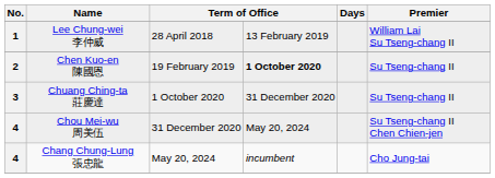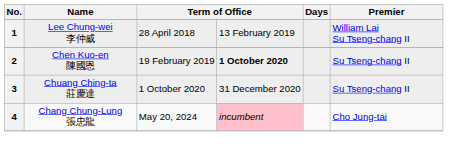 <table class="wikitable">
 <tr ->
 <th>No.</th>
 <th width="180">Name</th>
 <th colspan=2 width="180">Term of Office</th>
 <th>Days</th>
 <th width="180">Premier</th>
 </tr>
 <tr ->
 </tr>
 <tr - bgcolor=#EEEEEE>
 <th style="background:">1</th>
 <td align=center><a href='#'>Lee Chung-wei</a><br>李仲威</td>
 <td>28 April 2018</td>
 <td>13 February 2019</td>
 <td></td>
 <td><a href='#'>William Lai</a><br><a href='#'>Su Tseng-chang</a> II</td>
 </tr>
 <tr ->
 </tr>
 <tr - bgcolor=#EEEEEE>
 <th style="background:">2</th>
 <td align=center><a href='#'>Chen Kuo-en</a><br>陳國恩</td>
 <td>19 February 2019</td>
 <td><strong>1 October 2020</strong></td>
 <td></td>
 <td><a href='#'>Su Tseng-chang</a> II</td>
 </tr>
 <tr - bgcolor=#EEEEEE>
 <th style="background:">3</th>
 <td align=center><a href='#'>Chuang Ching-ta</a><br>莊慶達</td>
 <td>1 October 2020</td>
 <td>31 December 2020</td>
 <td></td>
 <td><a href='#'>Su Tseng-chang</a> II</td>
 </tr>
-<tr - bgcolor=#EEEEEE>
-<th style="background:">4</th>
-<td align=center><a href='#'>Chou Mei-wu</a><br>周美伍</td>
-<td>31 December 2020</td>
-<td>May 20, 2024</td>
-<td></td>
-<td><a href='#'>Su Tseng-chang</a> II<br><a href='#'>Chen Chien-jen</a></td>
-</tr>
 <tr ->
 <th style="background:">4</th>
 <td align=center><a href='#'>Chang Chung-Lung</a><br>張忠龍</td>
 <td>May 20, 2024</td>
-<td><em>incumbent</em></td>
+<td style="background: pink;"><em>incumbent</em></td>
 <td></td>
 <td><a href='#'>Cho Jung-tai</a></td>
 </tr>
 <tr ->
 </tr>
 </table>
